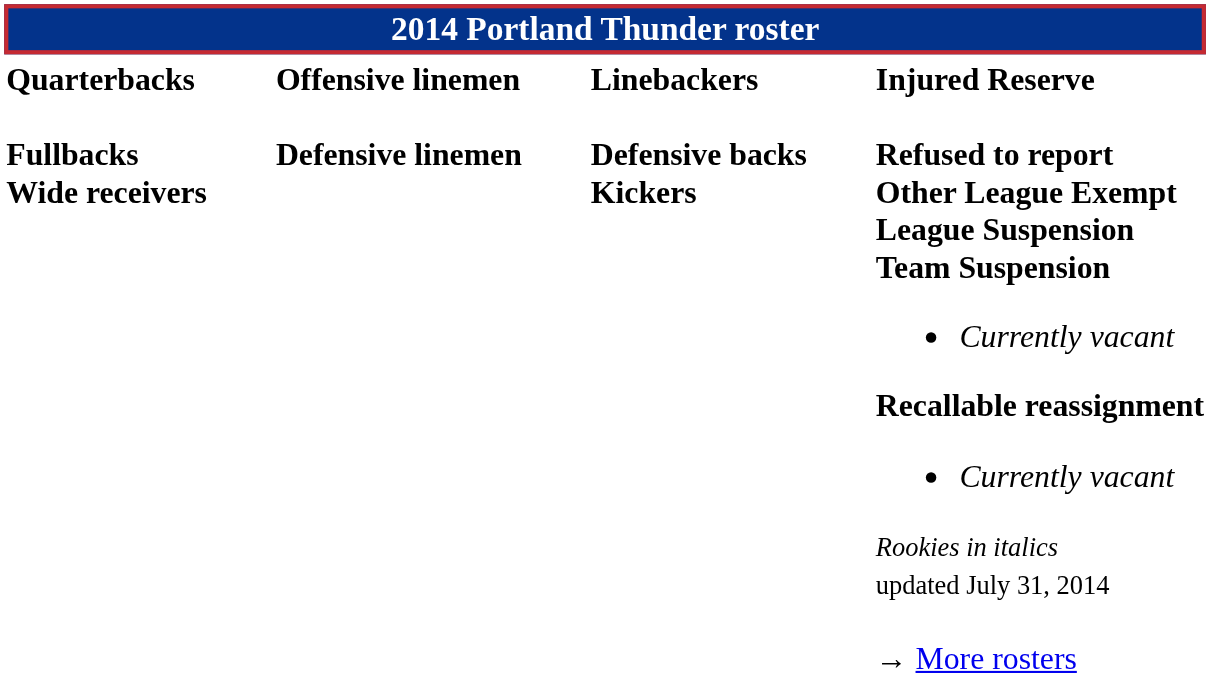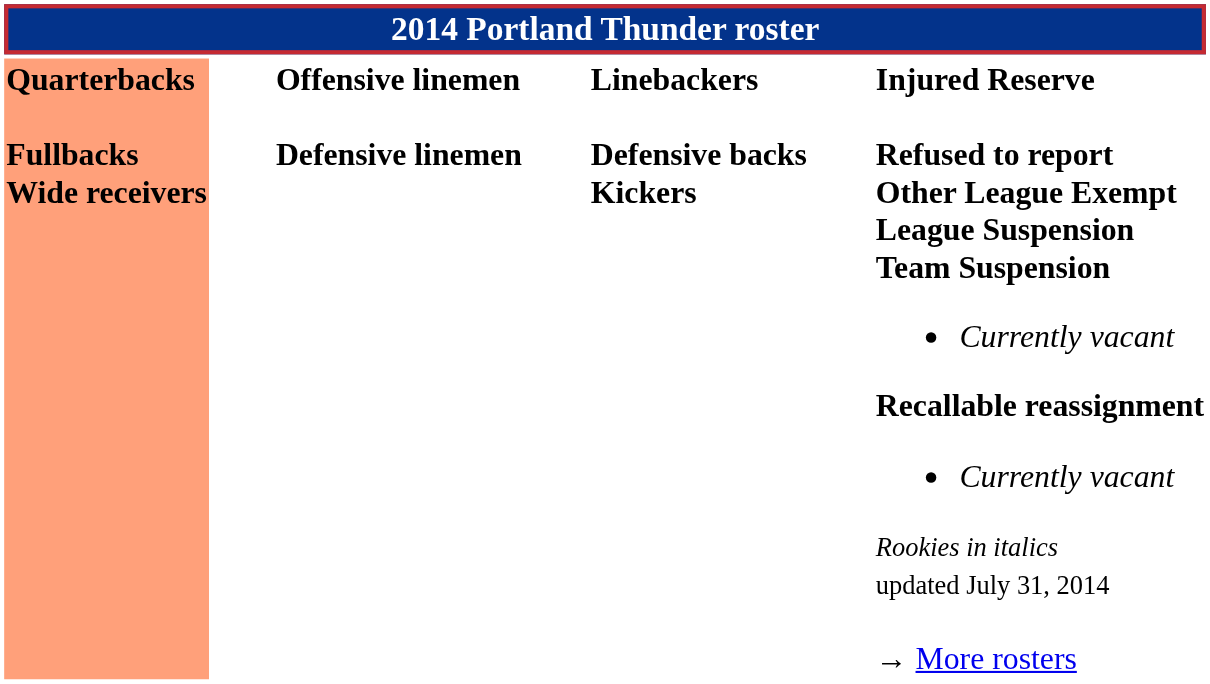 <table class="toccolours" style="text-align: left;">
 <tr>
 <th colspan=7 style="background:#03338B; border: 2px solid #C52A32; color:#ffffff; text-align:center;"><strong>2014 Portland Thunder roster</strong></th>
 </tr>
 <tr>
-<td style="font-size: 95%;" valign="top"><strong>Quarterbacks</strong><br> <br><strong>Fullbacks</strong>  <br><strong>Wide receivers</strong>      </td>
+<td style="background: lightsalmon; font-size: 95%;" valign="top"><strong>Quarterbacks</strong><br> <br><strong>Fullbacks</strong>  <br><strong>Wide receivers</strong>      </td>
 <td style="width: 25px;"></td>
 <td style="font-size: 95%;" valign="top"><strong>Offensive linemen</strong><br>   <br><strong>Defensive linemen</strong>    </td>
 <td style="width: 25px;"></td>
 <td style="font-size: 95%;" valign="top"><strong>Linebackers</strong><br><br><strong>Defensive backs</strong>     <br><strong>Kickers</strong> </td>
 <td style="width: 25px;"></td>
 <td style="font-size: 95%;" valign="top"><strong>Injured Reserve</strong><br>   <br><strong>Refused to report</strong>  <br><strong>Other League Exempt</strong>    <br><strong>League Suspension</strong>      <br><strong>Team Suspension</strong><ul><li><em>Currently vacant</em></li></ul><strong>Recallable reassignment</strong><ul><li><em>Currently vacant</em></li></ul><small><em>Rookies in italics</em><br><span></span> updated July 31, 2014</small><br> <br>→ <a href='#'>More rosters</a></td>
 </tr>
 <tr>
 </tr>
 </table>
